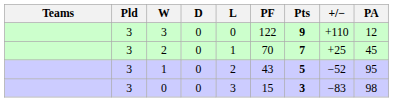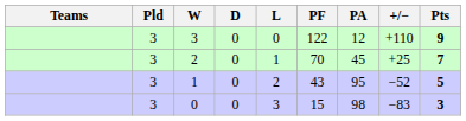 <table class="wikitable" style="text-align: center;">
 <tr>
 <th width="140">Teams</th>
 <th width="40">Pld</th>
 <th width="40">W</th>
 <th width="40">D</th>
 <th width="40">L</th>
 <th width="40">PF</th>
+<th width="40">PA</th>
+<th width="40">+/−</th>
 <th width="40">Pts</th>
-<th width="40">+/−</th>
-<th width="40">PA</th>
 </tr>
 <tr bgcolor=ccffcc>
 <td align=left></td>
 <td>3</td>
 <td>3</td>
 <td>0</td>
 <td>0</td>
 <td>122</td>
+<td>12</td>
+<td>+110</td>
 <td><strong>9</strong></td>
-<td>+110</td>
-<td>12</td>
 </tr>
 <tr bgcolor=ccffcc>
 <td align=left></td>
 <td>3</td>
 <td>2</td>
 <td>0</td>
 <td>1</td>
 <td>70</td>
+<td>45</td>
+<td>+25</td>
 <td><strong>7</strong></td>
-<td>+25</td>
-<td>45</td>
 </tr>
 <tr bgcolor=ccccff>
 <td align=left></td>
 <td>3</td>
 <td>1</td>
 <td>0</td>
 <td>2</td>
 <td>43</td>
+<td>95</td>
+<td>−52</td>
 <td><strong>5</strong></td>
-<td>−52</td>
-<td>95</td>
 </tr>
 <tr bgcolor=ccccff>
 <td align=left></td>
 <td>3</td>
 <td>0</td>
 <td>0</td>
 <td>3</td>
 <td>15</td>
+<td>98</td>
+<td>−83</td>
 <td><strong>3</strong></td>
-<td>−83</td>
-<td>98</td>
 </tr>
 </table>
